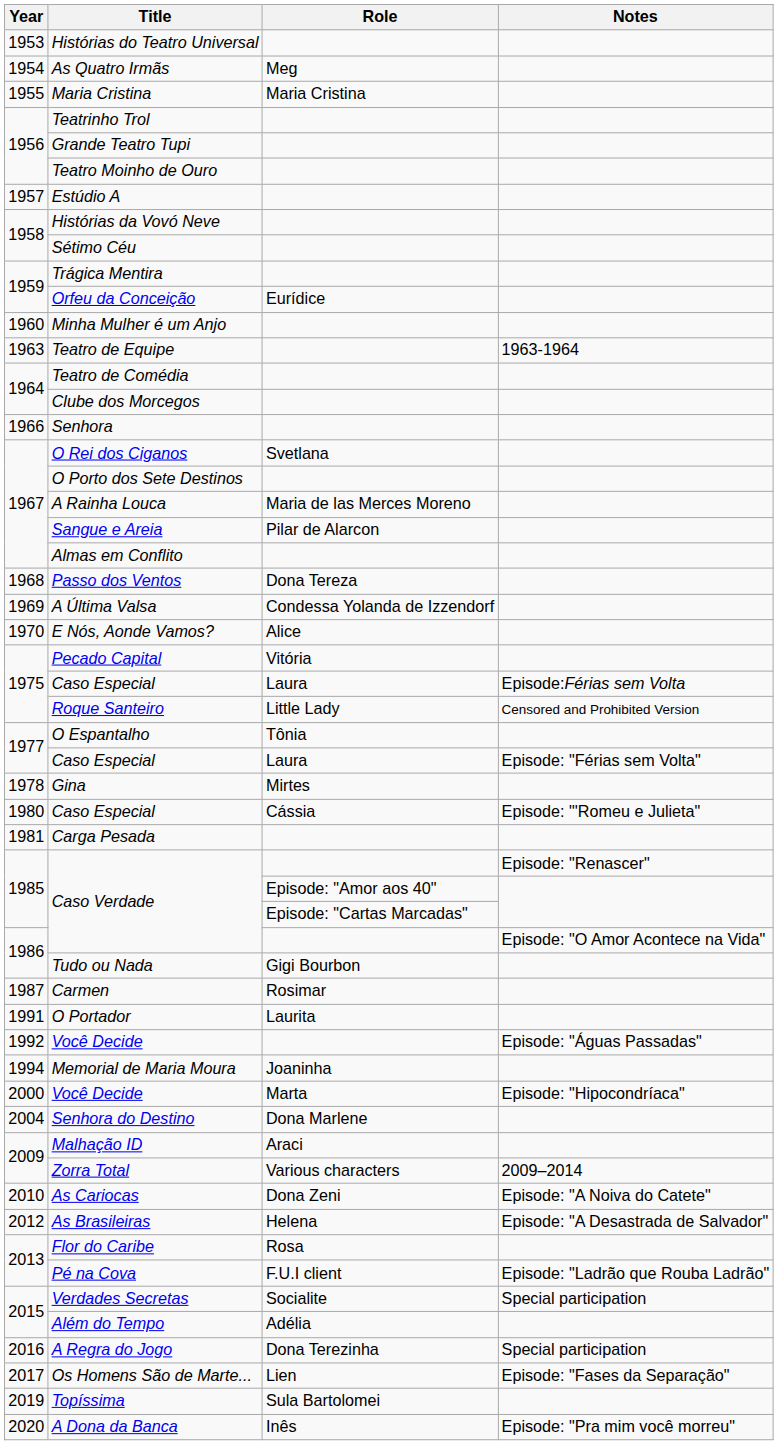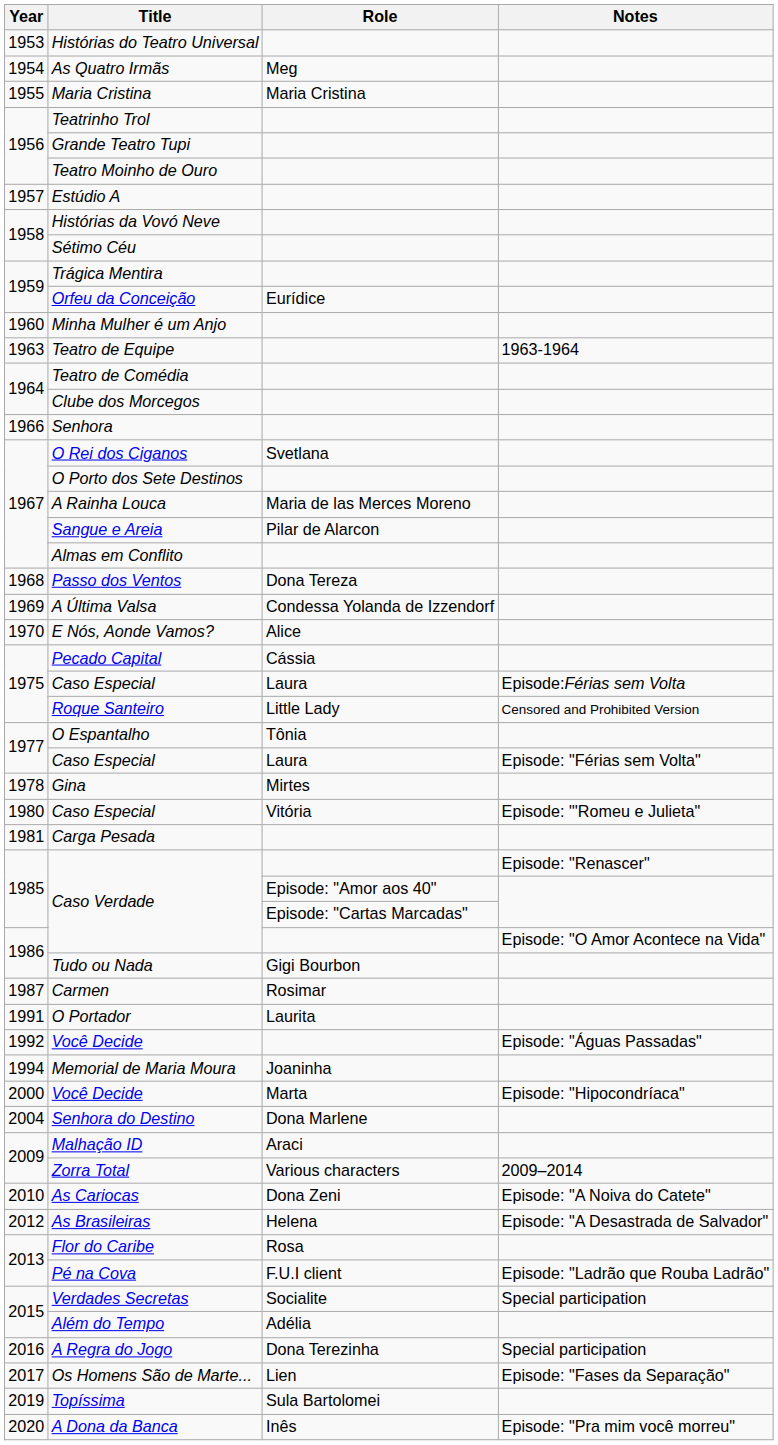 <table class="wikitable">
 <tr>
 <th>Year</th>
 <th>Title</th>
 <th>Role</th>
 <th>Notes</th>
 </tr>
 <tr>
 <td>1953</td>
 <td><em>Histórias do Teatro Universal</em></td>
 <td></td>
 <td></td>
 </tr>
 <tr>
 <td>1954</td>
 <td><em>As Quatro Irmãs</em></td>
 <td>Meg</td>
 <td></td>
 </tr>
 <tr>
 <td>1955</td>
 <td><em>Maria Cristina</em></td>
 <td>Maria Cristina</td>
 <td></td>
 </tr>
 <tr>
 <td rowspan="3">1956</td>
 <td><em>Teatrinho Trol</em></td>
 <td></td>
 <td></td>
 </tr>
 <tr>
 <td><em>Grande Teatro Tupi</em></td>
 <td></td>
 <td></td>
 </tr>
 <tr>
 <td><em>Teatro Moinho de Ouro</em></td>
 <td></td>
 <td></td>
 </tr>
 <tr>
 <td>1957</td>
 <td><em>Estúdio A</em></td>
 <td></td>
 <td></td>
 </tr>
 <tr>
 <td rowspan="2">1958</td>
 <td><em>Histórias da Vovó Neve</em></td>
 <td></td>
 <td></td>
 </tr>
 <tr>
 <td><em>Sétimo Céu</em></td>
 <td></td>
 <td></td>
 </tr>
 <tr>
 <td rowspan="2">1959</td>
 <td><em>Trágica Mentira</em></td>
 <td></td>
 <td></td>
 </tr>
 <tr>
 <td><em><a href='#'>Orfeu da Conceição</a></em></td>
 <td>Eurídice</td>
 <td></td>
 </tr>
 <tr>
 <td>1960</td>
 <td><em>Minha Mulher é um Anjo</em></td>
 <td></td>
 <td></td>
 </tr>
 <tr>
 <td>1963</td>
 <td><em>Teatro de Equipe</em></td>
 <td></td>
 <td>1963-1964</td>
 </tr>
 <tr>
 <td rowspan="2">1964</td>
 <td><em>Teatro de Comédia</em></td>
 <td></td>
 <td></td>
 </tr>
 <tr>
 <td><em>Clube dos Morcegos</em></td>
 <td></td>
 <td></td>
 </tr>
 <tr>
 <td>1966</td>
 <td><em>Senhora</em></td>
 <td></td>
 <td></td>
 </tr>
 <tr>
 <td rowspan="5">1967</td>
 <td><em><a href='#'>O Rei dos Ciganos</a></em></td>
 <td>Svetlana</td>
 <td></td>
 </tr>
 <tr>
 <td><em>O Porto dos Sete Destinos</em></td>
 <td></td>
 <td></td>
 </tr>
 <tr>
 <td><em>A Rainha Louca</em></td>
 <td>Maria de las Merces Moreno</td>
 <td></td>
 </tr>
 <tr>
 <td><em><a href='#'>Sangue e Areia</a></em></td>
 <td>Pilar de Alarcon</td>
 <td></td>
 </tr>
 <tr>
 <td><em>Almas em Conflito</em></td>
 <td></td>
 <td></td>
 </tr>
 <tr>
 <td>1968</td>
 <td><em><a href='#'>Passo dos Ventos</a></em></td>
 <td>Dona Tereza</td>
 <td></td>
 </tr>
 <tr>
 <td>1969</td>
 <td><em>A Última Valsa</em></td>
 <td>Condessa Yolanda de Izzendorf</td>
 <td></td>
 </tr>
 <tr>
 <td>1970</td>
 <td><em>E Nós, Aonde Vamos?</em></td>
 <td>Alice</td>
 <td></td>
 </tr>
 <tr>
 <td rowspan="3">1975</td>
 <td><em><a href='#'>Pecado Capital</a></em></td>
-<td>Vitória</td>
+<td>Cássia</td>
 <td></td>
 </tr>
 <tr>
 <td><em>Caso Especial</em></td>
 <td>Laura</td>
 <td>Episode:<em>Férias sem Volta</em></td>
 </tr>
 <tr>
 <td><em><a href='#'>Roque Santeiro</a></em></td>
 <td>Little Lady</td>
 <td><small>Censored and Prohibited Version</small></td>
 </tr>
 <tr>
 <td rowspan="2">1977</td>
 <td><em>O Espantalho</em></td>
 <td>Tônia</td>
 <td></td>
 </tr>
 <tr>
 <td><em>Caso Especial</em></td>
 <td>Laura</td>
 <td>Episode: "Férias sem Volta"</td>
 </tr>
 <tr>
 <td>1978</td>
 <td><em>Gina</em></td>
 <td>Mirtes</td>
 <td></td>
 </tr>
 <tr>
 <td>1980</td>
 <td><em>Caso Especial</em></td>
-<td>Cássia</td>
+<td>Vitória</td>
 <td>Episode: "'Romeu e Julieta"</td>
 </tr>
 <tr>
 <td>1981</td>
 <td><em>Carga Pesada</em></td>
 <td></td>
 <td></td>
 </tr>
 <tr>
 <td rowspan="3">1985</td>
 <td rowspan="4"><em>Caso Verdade</em></td>
 <td></td>
 <td>Episode: "Renascer"</td>
 </tr>
 <tr |>
 <td>Episode: "Amor aos 40"</td>
 </tr>
 <tr |>
 <td>Episode: "Cartas Marcadas"</td>
 </tr>
 <tr>
 <td rowspan="2">1986</td>
 <td></td>
 <td>Episode: "O Amor Acontece na Vida"</td>
 </tr>
 <tr>
 <td><em>Tudo ou Nada</em></td>
 <td>Gigi Bourbon</td>
 <td></td>
 </tr>
 <tr>
 <td>1987</td>
 <td><em>Carmen</em></td>
 <td>Rosimar</td>
 <td></td>
 </tr>
 <tr>
 <td>1991</td>
 <td><em>O Portador</em></td>
 <td>Laurita</td>
 <td></td>
 </tr>
 <tr>
 <td>1992</td>
 <td><em><a href='#'>Você Decide</a></em></td>
 <td></td>
 <td>Episode: "Águas Passadas"</td>
 </tr>
 <tr>
 <td>1994</td>
 <td><em>Memorial de Maria Moura</em></td>
 <td>Joaninha</td>
 <td></td>
 </tr>
 <tr>
 <td>2000</td>
 <td><em><a href='#'>Você Decide</a></em></td>
 <td>Marta</td>
 <td>Episode: "Hipocondríaca"</td>
 </tr>
 <tr>
 <td>2004</td>
 <td><em><a href='#'>Senhora do Destino</a></em></td>
 <td>Dona Marlene</td>
 <td></td>
 </tr>
 <tr>
 <td rowspan="2">2009</td>
 <td><em><a href='#'>Malhação ID</a></em></td>
 <td>Araci</td>
 <td></td>
 </tr>
 <tr>
 <td><em><a href='#'>Zorra Total</a></em></td>
 <td>Various characters</td>
 <td>2009–2014</td>
 </tr>
 <tr>
 <td>2010</td>
 <td><em><a href='#'>As Cariocas</a></em></td>
 <td>Dona Zeni</td>
 <td>Episode: "A Noiva do Catete"</td>
 </tr>
 <tr>
 <td>2012</td>
 <td><em><a href='#'>As Brasileiras</a></em></td>
 <td>Helena</td>
 <td>Episode: "A Desastrada de Salvador"</td>
 </tr>
 <tr>
 <td rowspan="2">2013</td>
 <td><em><a href='#'>Flor do Caribe</a></em></td>
 <td>Rosa</td>
 <td></td>
 </tr>
 <tr>
 <td><em><a href='#'>Pé na Cova</a></em></td>
 <td>F.U.I client</td>
 <td>Episode: "Ladrão que Rouba Ladrão"</td>
 </tr>
 <tr>
 <td rowspan="2">2015</td>
 <td><em><a href='#'>Verdades Secretas</a></em></td>
 <td>Socialite</td>
 <td>Special participation</td>
 </tr>
 <tr>
 <td><em><a href='#'>Além do Tempo</a></em></td>
 <td>Adélia</td>
 <td></td>
 </tr>
 <tr>
 <td>2016</td>
 <td><em><a href='#'>A Regra do Jogo</a></em></td>
 <td>Dona Terezinha</td>
 <td>Special participation</td>
 </tr>
 <tr>
 <td>2017</td>
 <td><em>Os Homens São de Marte...</em></td>
 <td>Lien</td>
 <td>Episode: "Fases da Separação"</td>
 </tr>
 <tr>
 <td>2019</td>
 <td><em><a href='#'>Topíssima</a></em></td>
 <td>Sula Bartolomei</td>
 <td></td>
 </tr>
 <tr>
 <td>2020</td>
 <td><em><a href='#'>A Dona da Banca</a></em></td>
 <td>Inês</td>
 <td>Episode: "Pra mim você morreu"</td>
 </tr>
 </table>
